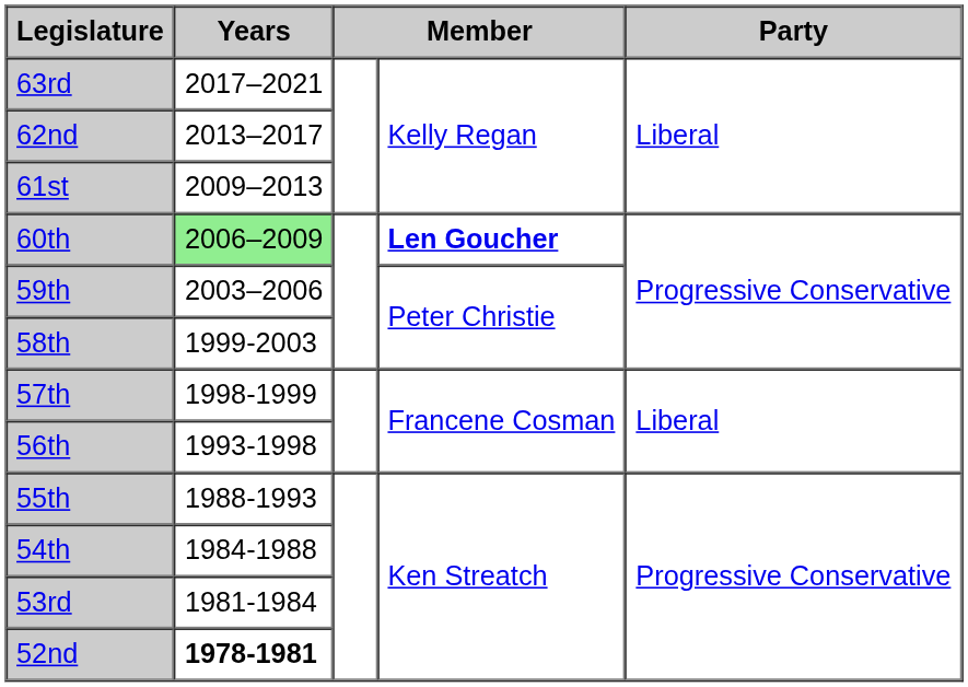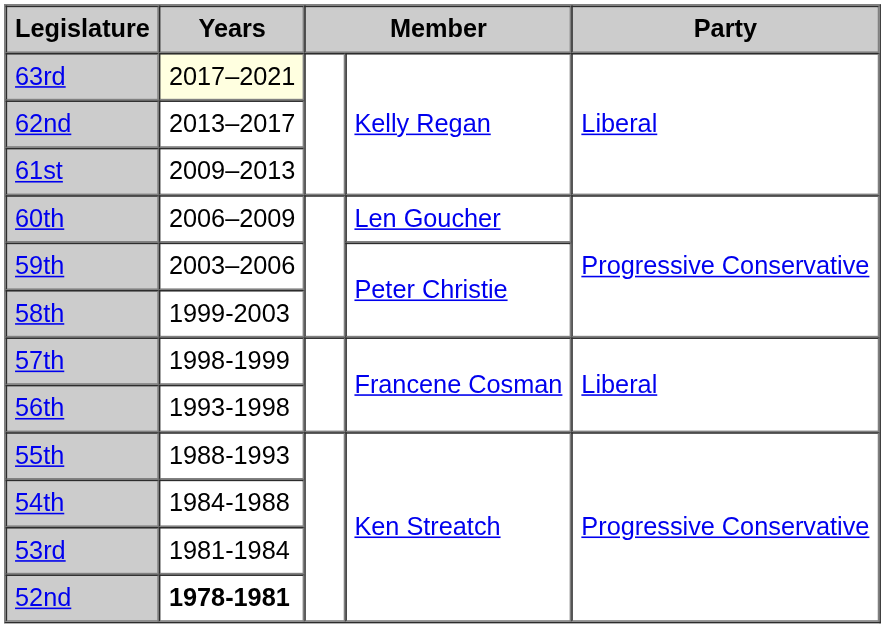 <table border=1 cellpadding=5 cellspacing=0>
 <tr bgcolor="CCCCCC">
 <th>Legislature</th>
 <th>Years</th>
 <th colspan="2">Member</th>
 <th>Party</th>
 </tr>
 <tr>
 <td bgcolor="CCCCCC"><a href='#'>63rd</a></td>
-<td>2017–2021</td>
+<td style="background: lightyellow;">2017–2021</td>
 <td rowspan="3" ></td>
 <td rowspan="3"><a href='#'>Kelly Regan</a></td>
 <td rowspan="3"><a href='#'>Liberal</a></td>
 </tr>
 <tr>
 <td bgcolor="CCCCCC"><a href='#'>62nd</a></td>
 <td>2013–2017</td>
 </tr>
 <tr>
 <td bgcolor="CCCCCC"><a href='#'>61st</a></td>
 <td>2009–2013</td>
 </tr>
 <tr>
 <td bgcolor="CCCCCC"><a href='#'>60th</a></td>
-<td style="background: lightgreen;">2006–2009</td>
+<td>2006–2009</td>
 <td rowspan="3" ></td>
-<td><strong><a href='#'>Len Goucher</a></strong></td>
+<td><a href='#'>Len Goucher</a></td>
 <td rowspan="3"><a href='#'>Progressive Conservative</a></td>
 </tr>
 <tr>
 <td bgcolor="CCCCCC"><a href='#'>59th</a></td>
 <td>2003–2006</td>
 <td rowspan="2"><a href='#'>Peter Christie</a></td>
 </tr>
 <tr>
 <td bgcolor="CCCCCC"><a href='#'>58th</a></td>
 <td>1999-2003</td>
 </tr>
 <tr>
 <td bgcolor="CCCCCC"><a href='#'>57th</a></td>
 <td>1998-1999</td>
 <td rowspan="2" >   </td>
 <td rowspan="2"><a href='#'>Francene Cosman</a></td>
 <td rowspan="2"><a href='#'>Liberal</a></td>
 </tr>
 <tr>
 <td bgcolor="CCCCCC"><a href='#'>56th</a></td>
 <td>1993-1998</td>
 </tr>
 <tr>
 <td bgcolor="CCCCCC"><a href='#'>55th</a></td>
 <td>1988-1993</td>
 <td rowspan="4" >   </td>
 <td rowspan="4"><a href='#'>Ken Streatch</a></td>
 <td rowspan="4"><a href='#'>Progressive Conservative</a></td>
 </tr>
 <tr>
 <td bgcolor="CCCCCC"><a href='#'>54th</a></td>
 <td>1984-1988</td>
 </tr>
 <tr>
 <td bgcolor="CCCCCC"><a href='#'>53rd</a></td>
 <td>1981-1984</td>
 </tr>
 <tr>
 <td bgcolor="CCCCCC"><a href='#'>52nd</a></td>
 <td><strong>1978-1981</strong></td>
 </tr>
 </table>
